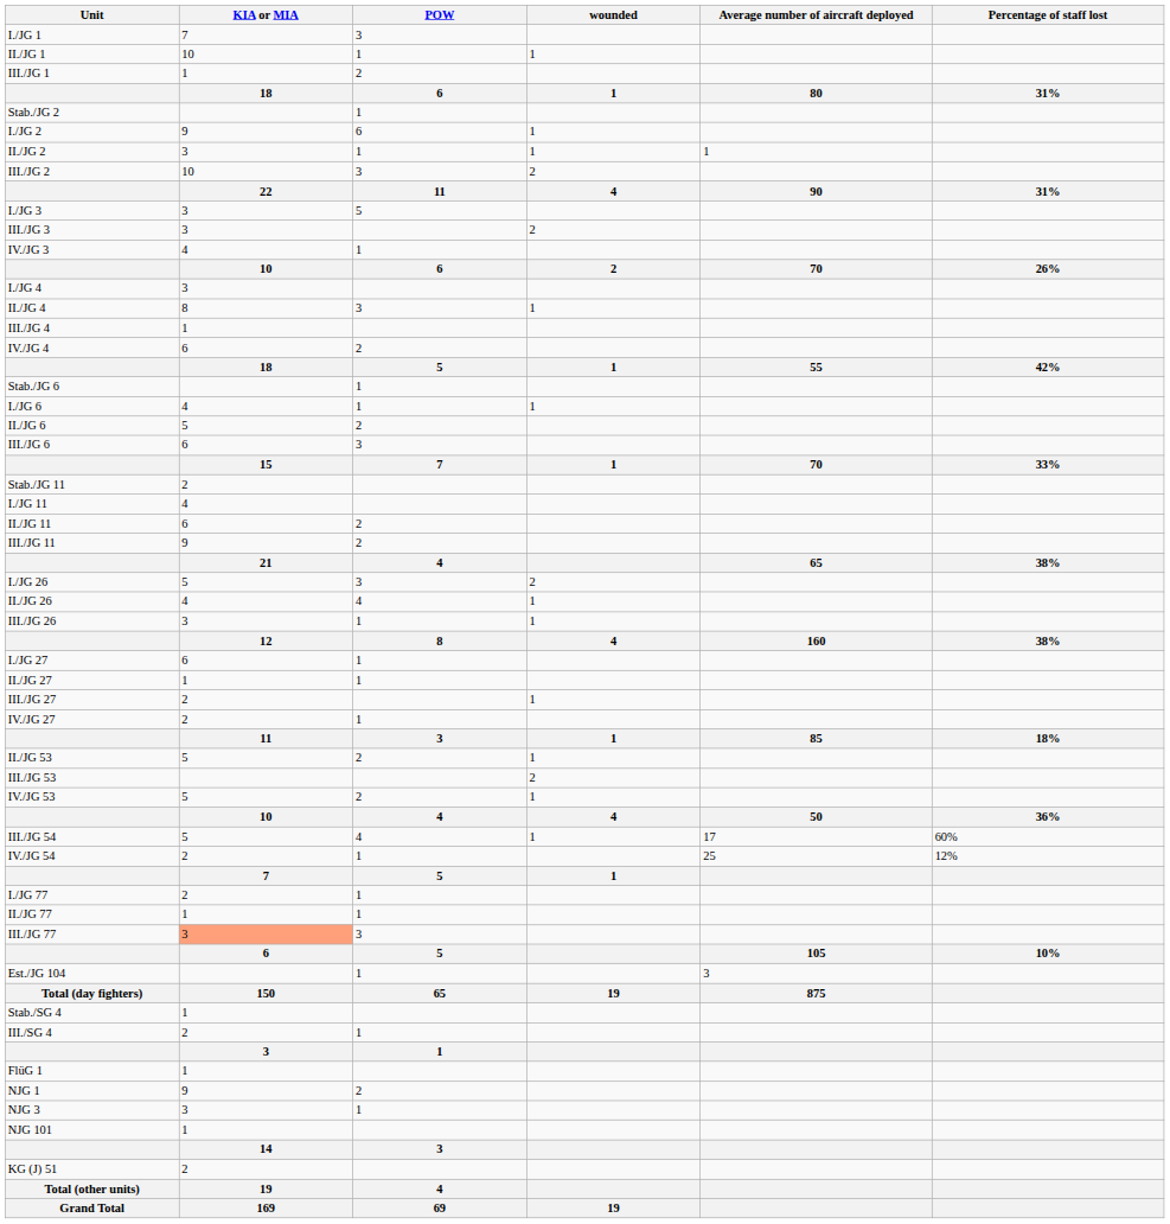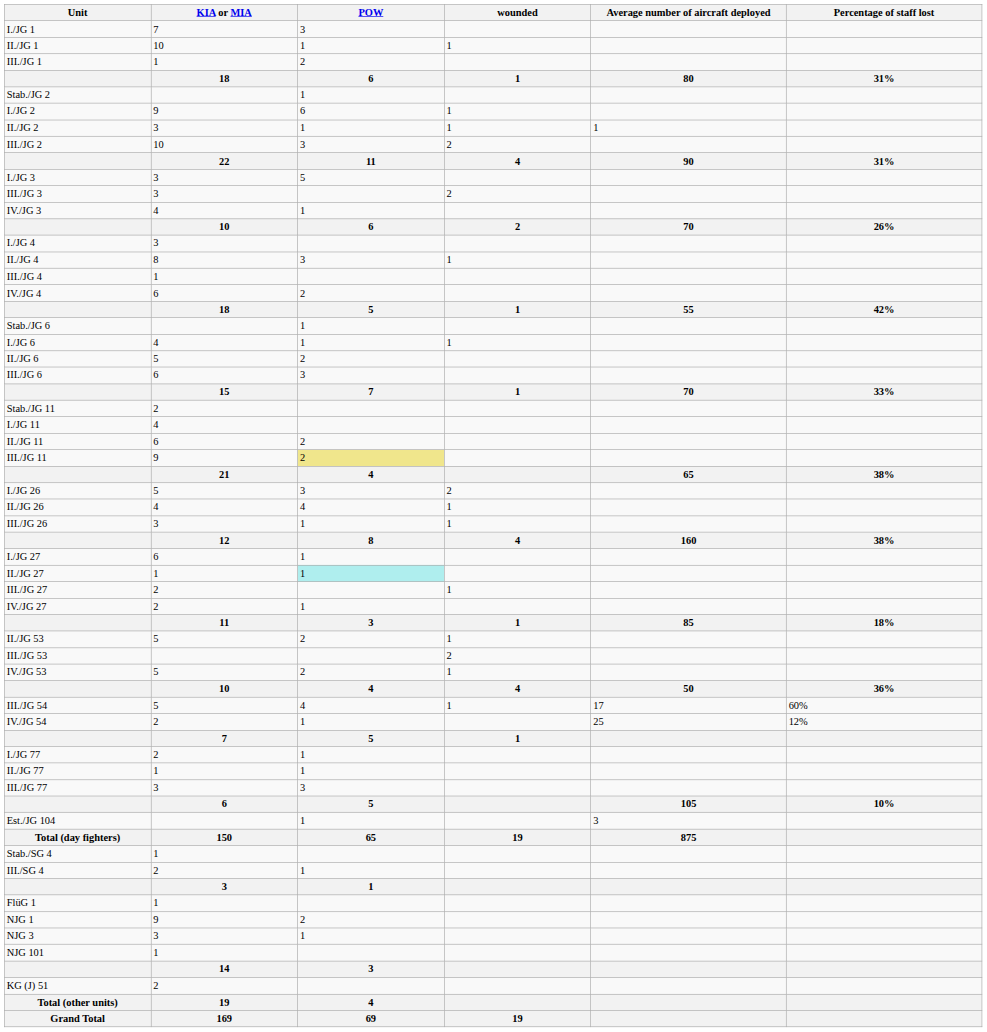 <table class="wikitable" style="width:95%">
 <tr>
 <th width="15%">Unit</th>
 <th width="15%"><a href='#'>KIA</a> or <a href='#'>MIA</a></th>
 <th width="15%"><a href='#'>POW</a></th>
 <th width="15%">wounded</th>
 <th width="20%">Average number of aircraft deployed</th>
 <th width="20%">Percentage of staff lost</th>
 </tr>
 <tr>
 <td>I./JG 1</td>
 <td>7</td>
 <td>3</td>
 <td></td>
 <td></td>
 <td></td>
 </tr>
 <tr>
 <td>II./JG 1</td>
 <td>10</td>
 <td>1</td>
 <td>1</td>
 <td></td>
 <td></td>
 </tr>
 <tr>
 <td>III./JG 1</td>
 <td>1</td>
 <td>2</td>
 <td></td>
 <td></td>
 <td></td>
 </tr>
 <tr>
 <th></th>
 <th>18</th>
 <th>6</th>
 <th>1</th>
 <th>80</th>
 <th>31%</th>
 </tr>
 <tr>
 <td>Stab./JG 2</td>
 <td></td>
 <td>1</td>
 <td></td>
 <td></td>
 <td></td>
 </tr>
 <tr>
 <td>I./JG 2</td>
 <td>9</td>
 <td>6</td>
 <td>1</td>
 <td></td>
 <td></td>
 </tr>
 <tr>
 <td>II./JG 2</td>
 <td>3</td>
 <td>1</td>
 <td>1</td>
 <td>1</td>
 <td></td>
 </tr>
 <tr>
 <td>III./JG 2</td>
 <td>10</td>
 <td>3</td>
 <td>2</td>
 <td></td>
 <td></td>
 </tr>
 <tr>
 <th></th>
 <th>22</th>
 <th>11</th>
 <th>4</th>
 <th>90</th>
 <th>31%</th>
 </tr>
 <tr>
 <td>I./JG 3</td>
 <td>3</td>
 <td>5</td>
 <td></td>
 <td></td>
 <td></td>
 </tr>
 <tr>
 <td>III./JG 3</td>
 <td>3</td>
 <td></td>
 <td>2</td>
 <td></td>
 <td></td>
 </tr>
 <tr>
 <td>IV./JG 3</td>
 <td>4</td>
 <td>1</td>
 <td></td>
 <td></td>
 <td></td>
 </tr>
 <tr>
 <th></th>
 <th>10</th>
 <th>6</th>
 <th>2</th>
 <th>70</th>
 <th>26%</th>
 </tr>
 <tr>
 <td>I./JG 4</td>
 <td>3</td>
 <td></td>
 <td></td>
 <td></td>
 <td></td>
 </tr>
 <tr>
 <td>II./JG 4</td>
 <td>8</td>
 <td>3</td>
 <td>1</td>
 <td></td>
 <td></td>
 </tr>
 <tr>
 <td>III./JG 4</td>
 <td>1</td>
 <td></td>
 <td></td>
 <td></td>
 <td></td>
 </tr>
 <tr>
 <td>IV./JG 4</td>
 <td>6</td>
 <td>2</td>
 <td></td>
 <td></td>
 <td></td>
 </tr>
 <tr>
 <th></th>
 <th>18</th>
 <th>5</th>
 <th>1</th>
 <th>55</th>
 <th>42%</th>
 </tr>
 <tr>
 <td>Stab./JG 6</td>
 <td></td>
 <td>1</td>
 <td></td>
 <td></td>
 <td></td>
 </tr>
 <tr>
 <td>I./JG 6</td>
 <td>4</td>
 <td>1</td>
 <td>1</td>
 <td></td>
 <td></td>
 </tr>
 <tr>
 <td>II./JG 6</td>
 <td>5</td>
 <td>2</td>
 <td></td>
 <td></td>
 <td></td>
 </tr>
 <tr>
 <td>III./JG 6</td>
 <td>6</td>
 <td>3</td>
 <td></td>
 <td></td>
 <td></td>
 </tr>
 <tr>
 <th></th>
 <th>15</th>
 <th>7</th>
 <th>1</th>
 <th>70</th>
 <th>33%</th>
 </tr>
 <tr>
 <td>Stab./JG 11</td>
 <td>2</td>
 <td></td>
 <td></td>
 <td></td>
 <td></td>
 </tr>
 <tr>
 <td>I./JG 11</td>
 <td>4</td>
 <td></td>
 <td></td>
 <td></td>
 <td></td>
 </tr>
 <tr>
 <td>II./JG 11</td>
 <td>6</td>
 <td>2</td>
 <td></td>
 <td></td>
 <td></td>
 </tr>
 <tr>
 <td>III./JG 11</td>
 <td>9</td>
-<td>2</td>
+<td style="background: khaki;">2</td>
 <td></td>
 <td></td>
 <td></td>
 </tr>
 <tr>
 <th></th>
 <th>21</th>
 <th>4</th>
 <th></th>
 <th>65</th>
 <th>38%</th>
 </tr>
 <tr>
 <td>I./JG 26</td>
 <td>5</td>
 <td>3</td>
 <td>2</td>
 <td></td>
 <td></td>
 </tr>
 <tr>
 <td>II./JG 26</td>
 <td>4</td>
 <td>4</td>
 <td>1</td>
 <td></td>
 <td></td>
 </tr>
 <tr>
 <td>III./JG 26</td>
 <td>3</td>
 <td>1</td>
 <td>1</td>
 <td></td>
 <td></td>
 </tr>
 <tr>
 <th></th>
 <th>12</th>
 <th>8</th>
 <th>4</th>
 <th>160</th>
 <th>38%</th>
 </tr>
 <tr>
 <td>I./JG 27</td>
 <td>6</td>
 <td>1</td>
 <td></td>
 <td></td>
 <td></td>
 </tr>
 <tr>
 <td>II./JG 27</td>
 <td>1</td>
-<td>1</td>
+<td style="background: paleturquoise;">1</td>
 <td></td>
 <td></td>
 <td></td>
 </tr>
 <tr>
 <td>III./JG 27</td>
 <td>2</td>
 <td></td>
 <td>1</td>
 <td></td>
 <td></td>
 </tr>
 <tr>
 <td>IV./JG 27</td>
 <td>2</td>
 <td>1</td>
 <td></td>
 <td></td>
 <td></td>
 </tr>
 <tr>
 <th></th>
 <th>11</th>
 <th>3</th>
 <th>1</th>
 <th>85</th>
 <th>18%</th>
 </tr>
 <tr>
 <td>II./JG 53</td>
 <td>5</td>
 <td>2</td>
 <td>1</td>
 <td></td>
 <td></td>
 </tr>
 <tr>
 <td>III./JG 53</td>
 <td></td>
 <td></td>
 <td>2</td>
 <td></td>
 <td></td>
 </tr>
 <tr>
 <td>IV./JG 53</td>
 <td>5</td>
 <td>2</td>
 <td>1</td>
 <td></td>
 <td></td>
 </tr>
 <tr>
 <th></th>
 <th>10</th>
 <th>4</th>
 <th>4</th>
 <th>50</th>
 <th>36%</th>
 </tr>
 <tr>
 <td>III./JG 54</td>
 <td>5</td>
 <td>4</td>
 <td>1</td>
 <td>17</td>
 <td>60%</td>
 </tr>
 <tr>
 <td>IV./JG 54</td>
 <td>2</td>
 <td>1</td>
 <td></td>
 <td>25</td>
 <td>12%</td>
 </tr>
 <tr>
 <th></th>
 <th>7</th>
 <th>5</th>
 <th>1</th>
 <th></th>
 <th></th>
 </tr>
 <tr>
 <td>I./JG 77</td>
 <td>2</td>
 <td>1</td>
 <td></td>
 <td></td>
 <td></td>
 </tr>
 <tr>
 <td>II./JG 77</td>
 <td>1</td>
 <td>1</td>
 <td></td>
 <td></td>
 <td></td>
 </tr>
 <tr>
 <td>III./JG 77</td>
-<td style="background: lightsalmon;">3</td>
+<td>3</td>
 <td>3</td>
 <td></td>
 <td></td>
 <td></td>
 </tr>
 <tr>
 <th></th>
 <th>6</th>
 <th>5</th>
 <th></th>
 <th>105</th>
 <th>10%</th>
 </tr>
 <tr>
 <td>Est./JG 104</td>
 <td></td>
 <td>1</td>
 <td></td>
 <td>3</td>
 <td></td>
 </tr>
 <tr>
 <th>Total (day fighters)</th>
 <th>150</th>
 <th>65</th>
 <th>19</th>
 <th>875</th>
 <th></th>
 </tr>
 <tr>
 <td>Stab./SG 4</td>
 <td>1</td>
 <td></td>
 <td></td>
 <td></td>
 <td></td>
 </tr>
 <tr>
 <td>III./SG 4</td>
 <td>2</td>
 <td>1</td>
 <td></td>
 <td></td>
 <td></td>
 </tr>
 <tr>
 <th></th>
 <th>3</th>
 <th>1</th>
 <th></th>
 <th></th>
 <th></th>
 </tr>
 <tr>
 <td>FlüG 1</td>
 <td>1</td>
 <td></td>
 <td></td>
 <td></td>
 <td></td>
 </tr>
 <tr>
 <td>NJG 1</td>
 <td>9</td>
 <td>2</td>
 <td></td>
 <td></td>
 <td></td>
 </tr>
 <tr>
 <td>NJG 3</td>
 <td>3</td>
 <td>1</td>
 <td></td>
 <td></td>
 <td></td>
 </tr>
 <tr>
 <td>NJG 101</td>
 <td>1</td>
 <td></td>
 <td></td>
 <td></td>
 <td></td>
 </tr>
 <tr>
 <th></th>
 <th>14</th>
 <th>3</th>
 <th></th>
 <th></th>
 <th></th>
 </tr>
 <tr>
 <td>KG (J) 51</td>
 <td>2</td>
 <td></td>
 <td></td>
 <td></td>
 <td></td>
 </tr>
 <tr>
 <th>Total (other units)</th>
 <th>19</th>
 <th>4</th>
 <th></th>
 <th></th>
 <th></th>
 </tr>
 <tr>
 <th>Grand Total</th>
 <th>169</th>
 <th>69</th>
 <th>19</th>
 <th></th>
 <th></th>
 </tr>
 </table>
